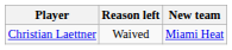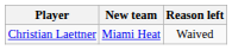 <table class="wikitable sortable sortable" style="text-align: center">
 <tr>
 <th>Player</th>
+<th>New team</th>
 <th>Reason left</th>
-<th>New team</th>
 </tr>
 <tr style="text-align: center">
 <td><a href='#'>Christian Laettner</a></td>
+<td><a href='#'>Miami Heat</a></td>
 <td>Waived</td>
-<td><a href='#'>Miami Heat</a></td>
 </tr>
 </table>
